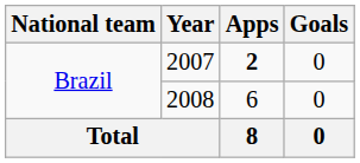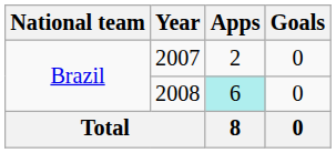 <table class="wikitable" style="text-align:center">
 <tr>
 <th>National team</th>
 <th>Year</th>
 <th>Apps</th>
 <th>Goals</th>
 </tr>
 <tr>
 <td rowspan="2"><a href='#'>Brazil</a></td>
 <td>2007</td>
-<td><strong>2</strong></td>
+<td>2</td>
 <td>0</td>
 </tr>
 <tr>
 <td>2008</td>
-<td>6</td>
+<td style="background: paleturquoise;">6</td>
 <td>0</td>
 </tr>
 <tr>
 <th colspan="2">Total</th>
 <th>8</th>
 <th>0</th>
 </tr>
 </table>
